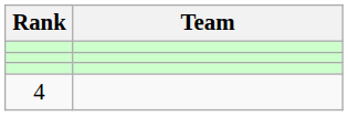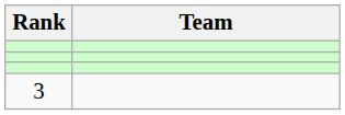 <table class=wikitable style="text-align:center;">
 <tr>
 <th width=40>Rank</th>
 <th width=180>Team</th>
 </tr>
 <tr bgcolor=#ccffcc>
 <td></td>
 <td align=left></td>
 </tr>
 <tr bgcolor=#ccffcc>
 <td></td>
 <td align=left></td>
 </tr>
 <tr bgcolor=#ccffcc>
 <td></td>
 <td align=left></td>
 </tr>
 <tr>
-<td>4</td>
+<td>3</td>
 <td align=left></td>
 </tr>
 </table>
